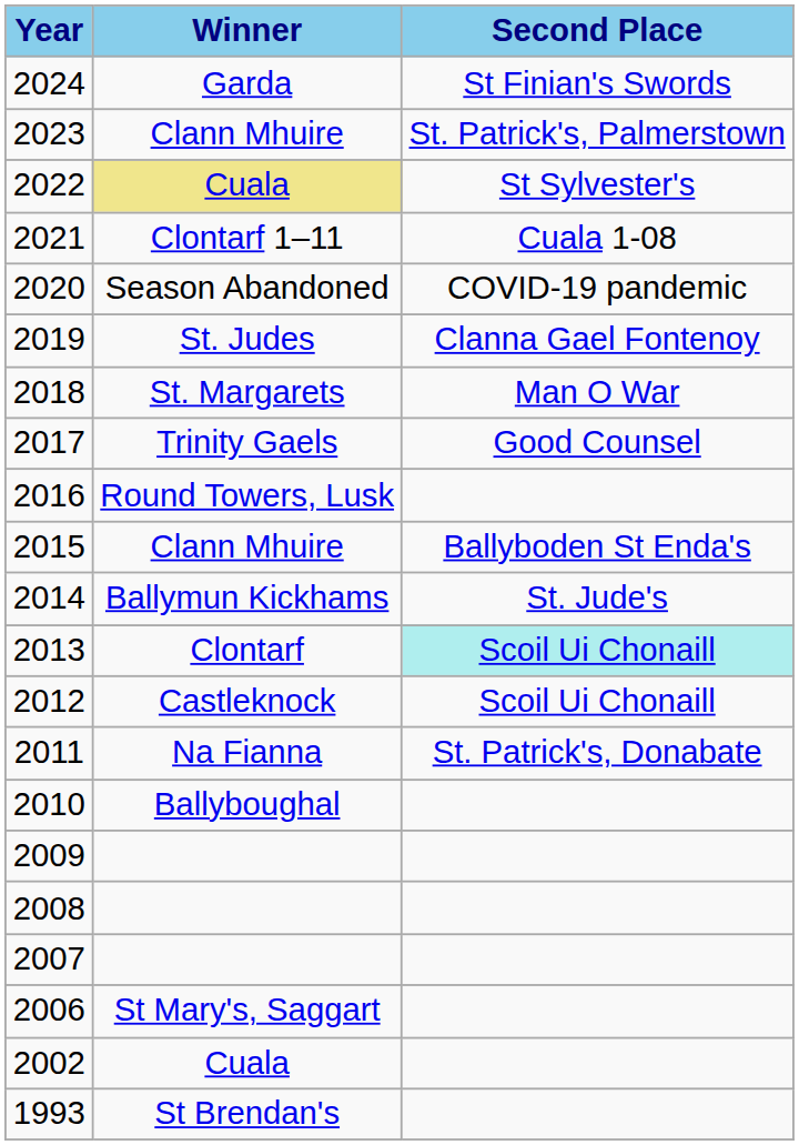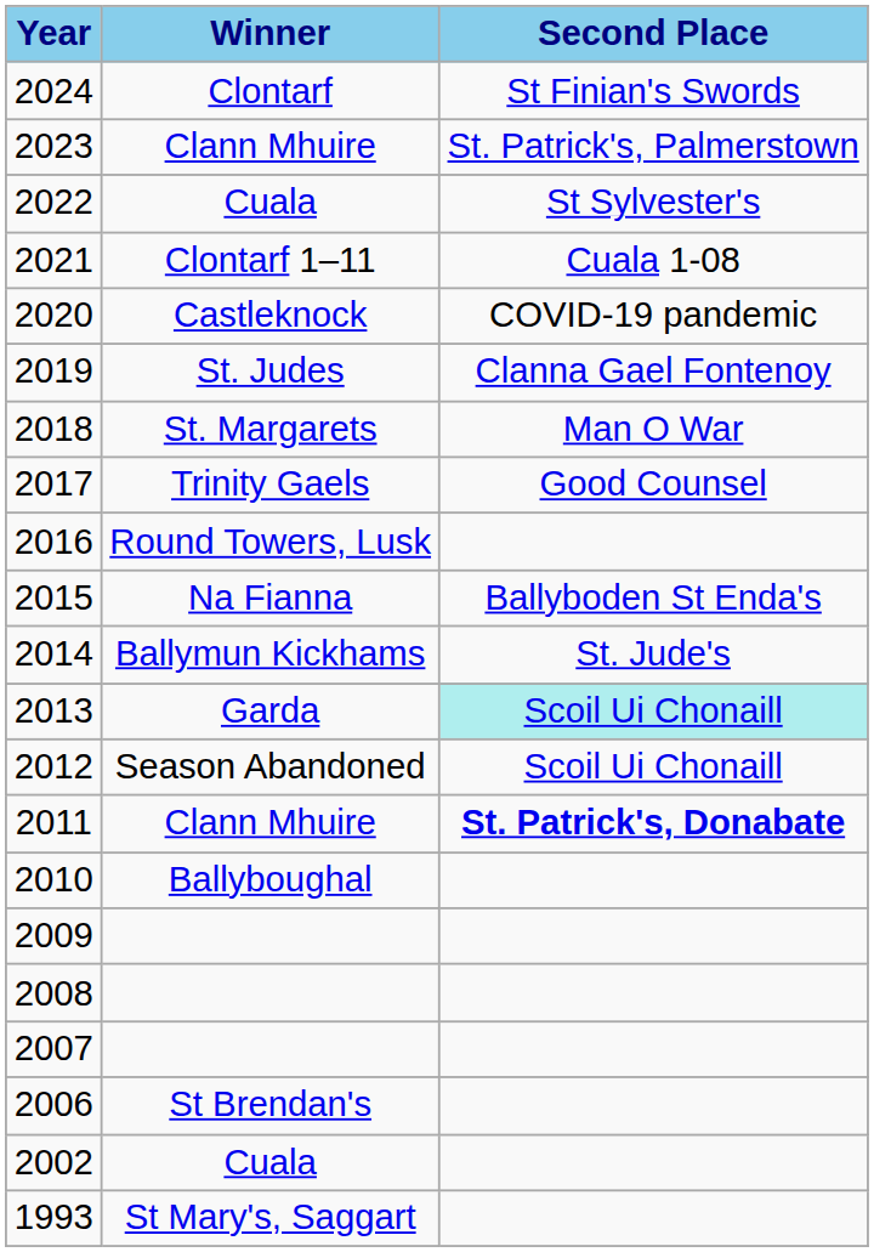 <table class="wikitable" style="text-align:center;">
 <tr>
 <th style="background:skyblue;color:navy;">Year</th>
 <th style="background:skyblue;color:navy;">Winner</th>
 <th style="background:skyblue;color:navy;">Second Place</th>
 </tr>
 <tr>
 <td>2024</td>
-<td><a href='#'>Garda</a></td>
+<td><a href='#'>Clontarf</a></td>
 <td><a href='#'>St Finian's Swords</a></td>
 </tr>
 <tr>
 <td>2023</td>
 <td><a href='#'>Clann Mhuire</a></td>
 <td><a href='#'>St. Patrick's, Palmerstown</a></td>
 </tr>
 <tr>
 <td>2022</td>
-<td style="background: khaki;"><a href='#'>Cuala</a></td>
+<td><a href='#'>Cuala</a></td>
 <td><a href='#'>St Sylvester's</a></td>
 </tr>
 <tr>
 <td>2021</td>
 <td><a href='#'>Clontarf</a> 1–11</td>
 <td><a href='#'>Cuala</a> 1-08</td>
 </tr>
 <tr>
 <td>2020</td>
-<td>Season Abandoned</td>
+<td><a href='#'>Castleknock</a></td>
 <td>COVID-19 pandemic</td>
 </tr>
 <tr>
 <td>2019</td>
 <td><a href='#'>St. Judes</a></td>
 <td><a href='#'>Clanna Gael Fontenoy</a></td>
 </tr>
 <tr>
 <td>2018</td>
 <td><a href='#'>St. Margarets</a></td>
 <td><a href='#'>Man O War</a></td>
 </tr>
 <tr>
 <td>2017</td>
 <td><a href='#'>Trinity Gaels</a></td>
 <td><a href='#'>Good Counsel</a></td>
 </tr>
 <tr>
 <td>2016</td>
 <td><a href='#'>Round Towers, Lusk</a></td>
 <td></td>
 </tr>
 <tr>
 <td>2015</td>
-<td><a href='#'>Clann Mhuire</a></td>
+<td><a href='#'>Na Fianna</a></td>
 <td><a href='#'>Ballyboden St Enda's</a></td>
 </tr>
 <tr>
 <td>2014</td>
 <td><a href='#'>Ballymun Kickhams</a></td>
 <td><a href='#'>St. Jude's</a></td>
 </tr>
 <tr>
 <td>2013</td>
-<td><a href='#'>Clontarf</a></td>
+<td><a href='#'>Garda</a></td>
 <td style="background: paleturquoise;"><a href='#'>Scoil Ui Chonaill</a></td>
 </tr>
 <tr>
 <td>2012</td>
-<td><a href='#'>Castleknock</a></td>
+<td>Season Abandoned</td>
 <td><a href='#'>Scoil Ui Chonaill</a></td>
 </tr>
 <tr>
 <td>2011</td>
-<td><a href='#'>Na Fianna</a></td>
-<td><a href='#'>St. Patrick's, Donabate</a></td>
+<td><a href='#'>Clann Mhuire</a></td>
+<td><strong><a href='#'>St. Patrick's, Donabate</a></strong></td>
 </tr>
 <tr>
 <td>2010</td>
 <td><a href='#'>Ballyboughal</a></td>
 <td></td>
 </tr>
 <tr>
 <td>2009</td>
 <td></td>
 <td></td>
 </tr>
 <tr>
 <td>2008</td>
 <td></td>
 <td></td>
 </tr>
 <tr>
 <td>2007</td>
 <td></td>
 <td></td>
 </tr>
 <tr>
 <td>2006</td>
-<td><a href='#'>St Mary's, Saggart</a></td>
+<td><a href='#'>St Brendan's</a></td>
 <td></td>
 </tr>
 <tr>
 <td>2002</td>
 <td><a href='#'>Cuala</a></td>
 <td></td>
 </tr>
 <tr>
 <td>1993</td>
-<td><a href='#'>St Brendan's</a></td>
+<td><a href='#'>St Mary's, Saggart</a></td>
 <td></td>
 </tr>
 </table>
